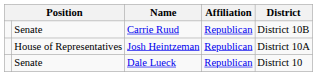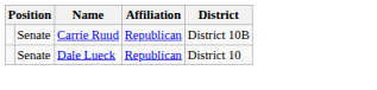 <table class="wikitable">
 <tr>
 <th colspan="2">Position</th>
 <th>Name</th>
 <th>Affiliation</th>
 <th>District</th>
 </tr>
 <tr>
 <td style="background-color:"> </td>
 <td>Senate</td>
 <td><a href='#'>Carrie Ruud</a></td>
 <td><a href='#'>Republican</a></td>
 <td>District 10B</td>
 </tr>
 <tr>
 <td style="background-color:"> </td>
-<td>House of Representatives</td>
-<td><a href='#'>Josh Heintzeman</a></td>
-<td><a href='#'>Republican</a></td>
-<td>District 10A</td>
-</tr>
-<tr>
-<td style="background-color:"> </td>
 <td>Senate</td>
 <td><a href='#'>Dale Lueck</a></td>
 <td><a href='#'>Republican</a></td>
 <td>District 10</td>
 </tr>
 </table>
